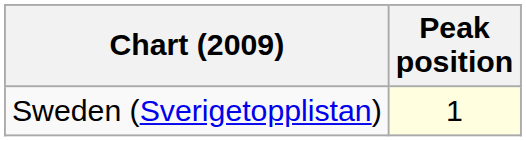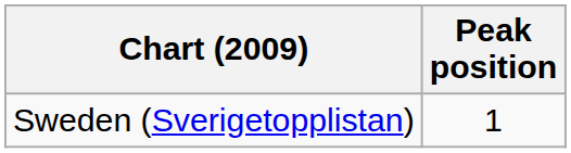 <table class="wikitable plainrowheaders">
 <tr>
 <th>Chart (2009)</th>
 <th>Peak<br>position</th>
 </tr>
 <tr>
 <td>Sweden (<a href='#'>Sverigetopplistan</a>)</td>
-<td align="center" style="background: lightyellow;">1</td>
+<td align="center">1</td>
 </tr>
 </table>
